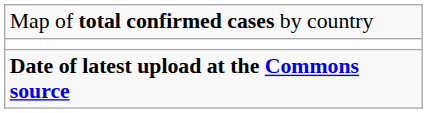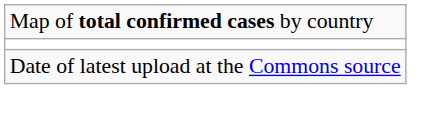 <table class=wikitable>
 <tr>
 <td style=max-width:300px>Map of <strong>total confirmed cases</strong> by country</td>
 </tr>
 <tr>
 <td style=background-color:white;></td>
 </tr>
 <tr>
-<td style=max-width:300px><strong>Date of latest upload at the <a href='#'>Commons source</a></strong></td>
+<td style=max-width:300px>Date of latest upload at the <a href='#'>Commons source</a></td>
 </tr>
 </table>
